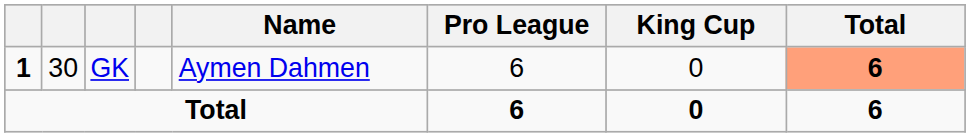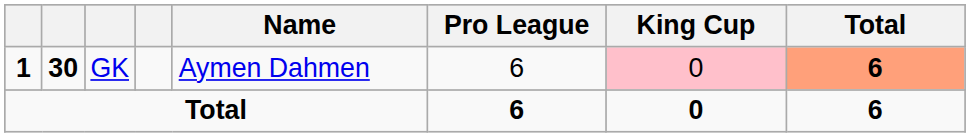 <table class="wikitable" style="text-align:center">
 <tr>
 <th width=15></th>
 <th width=15></th>
 <th width=15></th>
 <th width=15></th>
 <th width=145>Name</th>
 <th width=100>Pro League</th>
 <th width=100>King Cup</th>
 <th width=100>Total</th>
 </tr>
 <tr>
 <td><strong>1</strong></td>
-<td>30</td>
+<td><strong>30</strong></td>
 <td><a href='#'>GK</a></td>
 <td></td>
 <td align=left><a href='#'>Aymen Dahmen</a></td>
 <td>6</td>
-<td>0</td>
+<td style="background: pink;">0</td>
 <td style="background: lightsalmon;"><strong>6</strong></td>
 </tr>
 <tr>
 <td colspan=5><strong>Total</strong></td>
 <td><strong>6</strong></td>
 <td><strong>0</strong></td>
 <td><strong>6</strong></td>
 </tr>
 </table>
